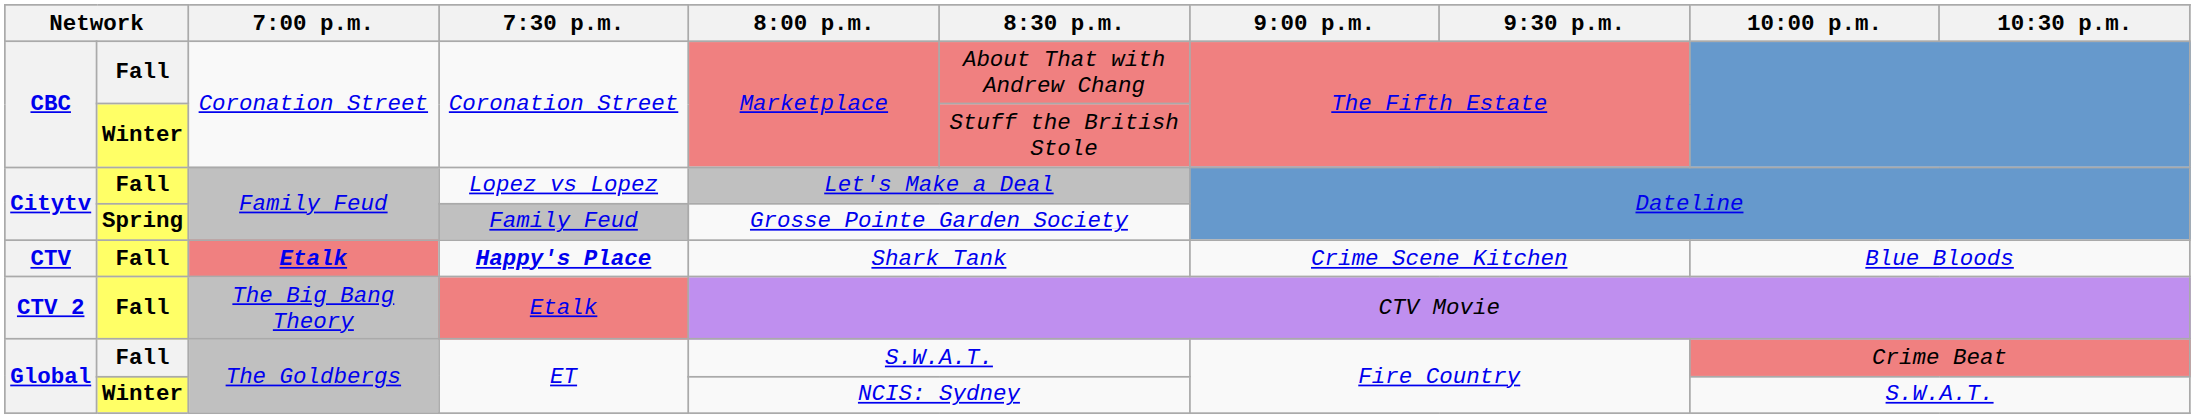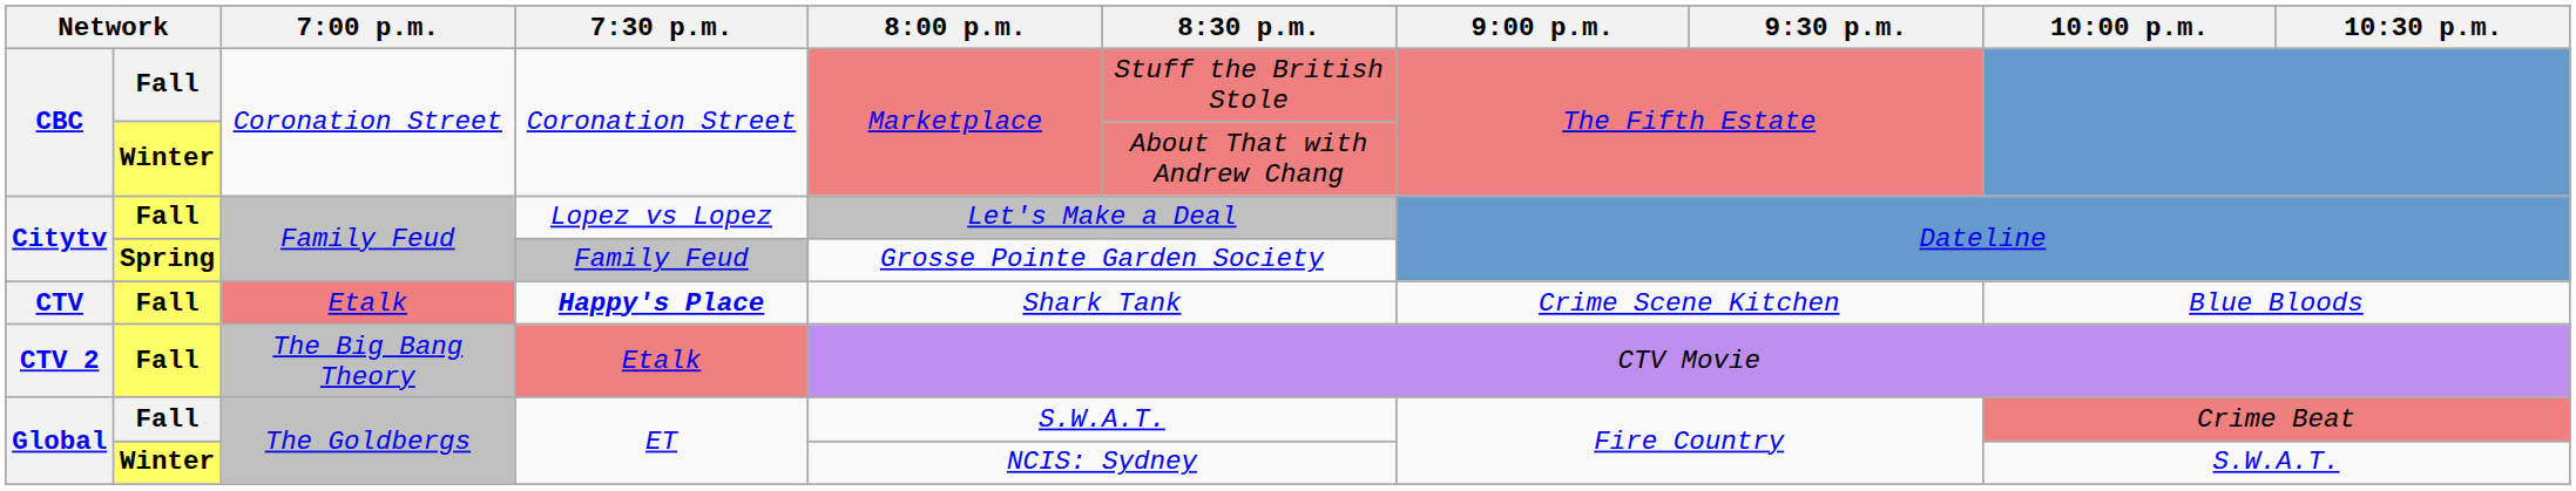 <table class=wikitable style=width:100%;margin-right:0;text-align:center>
 <tr>
 <th style=width:8% colspan=2>Network</th>
 <th style=width:11.5%>7:00 p.m.</th>
 <th style=width:11.5%>7:30 p.m.</th>
 <th style=width:11.5%>8:00 p.m.</th>
 <th style=width:11.5%>8:30 p.m.</th>
 <th style=width:11.5%>9:00 p.m.</th>
 <th style=width:11.5%>9:30 p.m.</th>
 <th style=width:11.5%>10:00 p.m.</th>
 <th style=width:11.5%>10:30 p.m.</th>
 </tr>
 <tr>
 <th rowspan=2><a href='#'>CBC</a></th>
 <th>Fall</th>
 <td rowspan=2><em><a href='#'>Coronation Street</a></em></td>
 <td rowspan=2><em><a href='#'>Coronation Street</a></em></td>
 <td style=background:#F08080 rowspan=2><em><a href='#'>Marketplace</a></em> </td>
-<td style=background:#F08080><em>About That with Andrew Chang</em> </td>
+<td style=background:#F08080><em>Stuff the British Stole</em> </td>
 <td style=background:#F08080 colspan=2 rowspan=2><em><a href='#'>The Fifth Estate</a></em> </td>
 <td colspan=2 style=background:#6699CC rowspan=2></td>
 </tr>
 <tr>
 <th style=background:#FFFF66>Winter</th>
-<td style=background:#F08080><em>Stuff the British Stole</em> </td>
+<td style=background:#F08080><em>About That with Andrew Chang</em> </td>
 </tr>
 <tr>
 <th rowspan=2><a href='#'>Citytv</a></th>
 <th style=background:#FFFF66>Fall</th>
 <td style=background:#C0C0C0 rowspan=2><em><a href='#'>Family Feud</a></em> </td>
 <td><em><a href='#'>Lopez vs Lopez</a></em> </td>
 <td colspan=2 style=background:#C0C0C0><em><a href='#'>Let's Make a Deal</a></em> </td>
 <td colspan=4 style=background:#6699CC rowspan=2><em><a href='#'>Dateline</a></em> </td>
 </tr>
 <tr>
 <th style=background:#FFFF66>Spring</th>
 <td style=background:#C0C0C0><em><a href='#'>Family Feud</a></em> </td>
 <td colspan=2><em><a href='#'>Grosse Pointe Garden Society</a></em> </td>
 </tr>
 <tr>
 <th><a href='#'>CTV</a></th>
 <th style="background:#FFFF66;">Fall</th>
-<td style=background:#F08080><strong><em><a href='#'>Etalk</a></em></strong></td>
+<td style=background:#F08080><em><a href='#'>Etalk</a></em></td>
 <td><strong><em><a href='#'>Happy's Place</a></em></strong> </td>
 <td colspan=2><em><a href='#'>Shark Tank</a></em></td>
 <td colspan=2><em><a href='#'>Crime Scene Kitchen</a></em> </td>
 <td colspan=2><em><a href='#'>Blue Bloods</a></em> </td>
 </tr>
 <tr>
 <th><a href='#'>CTV 2</a></th>
 <th style="background:#FFFF66;">Fall</th>
 <td style=background:#C0C0C0><em><a href='#'>The Big Bang Theory</a></em> </td>
 <td style=background:#F08080><em><a href='#'>Etalk</a></em></td>
 <td style=background:#BF8FEF colspan=6><em>CTV Movie</em></td>
 </tr>
 <tr>
 <th rowspan=2><a href='#'>Global</a></th>
 <th>Fall</th>
 <td style=background:#C0C0C0 rowspan=2><em><a href='#'>The Goldbergs</a></em> </td>
 <td rowspan=2><em><a href='#'>ET</a></em></td>
 <td colspan=2><em><a href='#'>S.W.A.T.</a></em> </td>
 <td colspan=2 rowspan=2><em><a href='#'>Fire Country</a></em> </td>
 <td colspan=2 style=background:#F08080><em>Crime Beat</em> </td>
 </tr>
 <tr>
 <th style=background:#FFFF66>Winter</th>
 <td colspan=2><em><a href='#'>NCIS: Sydney</a></em></td>
 <td colspan=2><em><a href='#'>S.W.A.T.</a></em></td>
 </tr>
 </table>
